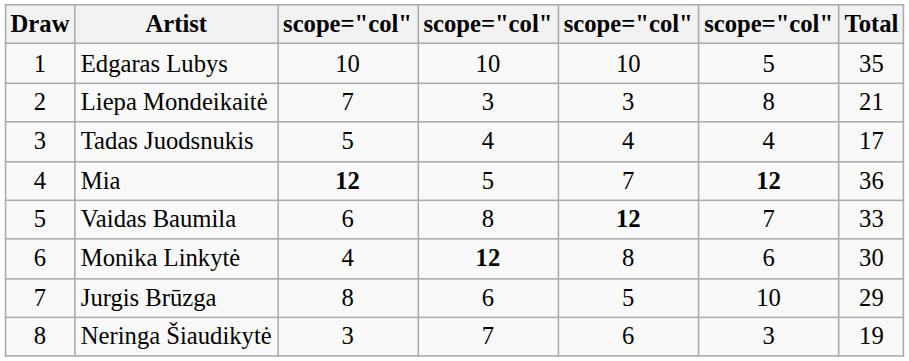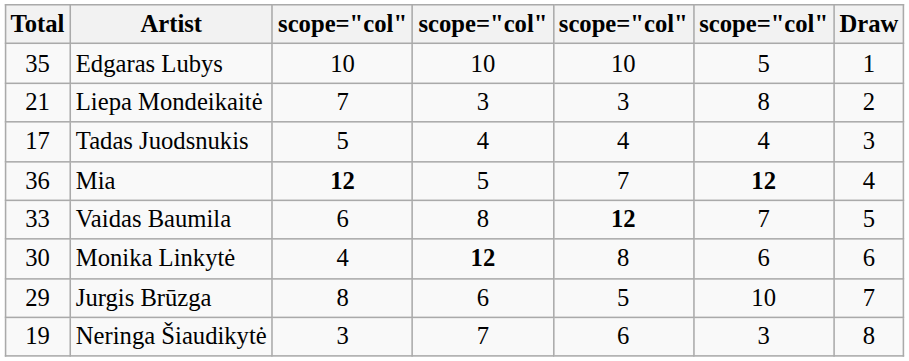 <table class="wikitable collapsible" style="margin: 1em auto 1em auto; text-align:center;">
 <tr>
-<th>Draw</th>
+<th>Total</th>
 <th>Artist</th>
 <th>scope="col" </th>
 <th>scope="col" </th>
 <th>scope="col" </th>
 <th>scope="col" </th>
-<th>Total</th>
+<th>Draw</th>
 </tr>
 <tr>
-<td>1</td>
+<td>35</td>
 <td align="left">Edgaras Lubys</td>
 <td>10</td>
 <td>10</td>
 <td>10</td>
 <td>5</td>
-<td>35</td>
+<td>1</td>
 </tr>
 <tr>
-<td>2</td>
+<td>21</td>
 <td align="left">Liepa Mondeikaitė</td>
 <td>7</td>
 <td>3</td>
 <td>3</td>
 <td>8</td>
-<td>21</td>
+<td>2</td>
 </tr>
 <tr>
-<td>3</td>
+<td>17</td>
 <td align="left">Tadas Juodsnukis</td>
 <td>5</td>
 <td>4</td>
 <td>4</td>
 <td>4</td>
-<td>17</td>
+<td>3</td>
 </tr>
 <tr>
-<td>4</td>
+<td>36</td>
 <td align="left">Mia</td>
 <td><strong>12</strong></td>
 <td>5</td>
 <td>7</td>
 <td><strong>12</strong></td>
-<td>36</td>
+<td>4</td>
 </tr>
 <tr>
-<td>5</td>
+<td>33</td>
 <td align="left">Vaidas Baumila</td>
 <td>6</td>
 <td>8</td>
 <td><strong>12</strong></td>
 <td>7</td>
-<td>33</td>
+<td>5</td>
 </tr>
 <tr>
-<td>6</td>
+<td>30</td>
 <td align="left">Monika Linkytė</td>
 <td>4</td>
 <td><strong>12</strong></td>
 <td>8</td>
 <td>6</td>
-<td>30</td>
+<td>6</td>
 </tr>
 <tr>
-<td>7</td>
+<td>29</td>
 <td align="left">Jurgis Brūzga</td>
 <td>8</td>
 <td>6</td>
 <td>5</td>
 <td>10</td>
-<td>29</td>
+<td>7</td>
 </tr>
 <tr>
-<td>8</td>
+<td>19</td>
 <td align="left">Neringa Šiaudikytė</td>
 <td>3</td>
 <td>7</td>
 <td>6</td>
 <td>3</td>
-<td>19</td>
+<td>8</td>
 </tr>
 </table>
